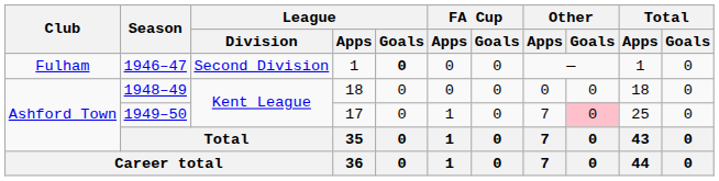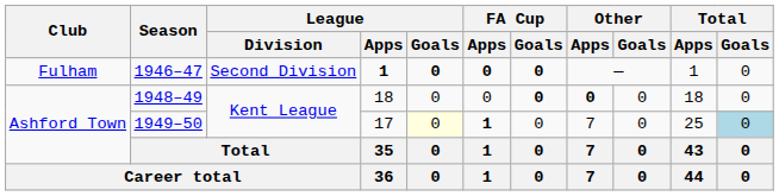 <table class="wikitable" style="text-align: center;">
 <tr>
 <th rowspan="2">Club</th>
 <th rowspan="2">Season</th>
 <th colspan="3">League</th>
 <th colspan="2">FA Cup</th>
 <th colspan="2">Other</th>
 <th colspan="2">Total</th>
 </tr>
 <tr>
 <th>Division</th>
 <th>Apps</th>
 <th>Goals</th>
 <th>Apps</th>
 <th>Goals</th>
 <th>Apps</th>
 <th>Goals</th>
 <th>Apps</th>
 <th>Goals</th>
 </tr>
 <tr>
 <td><a href='#'>Fulham</a></td>
 <td><a href='#'>1946–47</a></td>
 <td><a href='#'>Second Division</a></td>
-<td>1</td>
+<td><strong>1</strong></td>
 <td><strong>0</strong></td>
-<td>0</td>
-<td>0</td>
+<td><strong>0</strong></td>
+<td><strong>0</strong></td>
 <td colspan="2">―</td>
 <td>1</td>
 <td>0</td>
 </tr>
 <tr>
 <td rowspan="3"><a href='#'>Ashford Town</a></td>
 <td><a href='#'>1948–49</a></td>
 <td rowspan="2"><a href='#'>Kent League</a></td>
 <td>18</td>
 <td>0</td>
 <td>0</td>
-<td>0</td>
-<td>0</td>
+<td><strong>0</strong></td>
+<td><strong>0</strong></td>
 <td>0</td>
 <td>18</td>
 <td>0</td>
 </tr>
 <tr>
 <td><a href='#'>1949–50</a></td>
 <td>17</td>
-<td>0</td>
-<td>1</td>
+<td style="background: lightyellow;">0</td>
+<td><strong>1</strong></td>
 <td>0</td>
 <td>7</td>
-<td style="background: pink;">0</td>
+<td>0</td>
 <td>25</td>
-<td>0</td>
+<td style="background: lightblue;">0</td>
 </tr>
 <tr>
 <th colspan="2">Total</th>
 <th>35</th>
 <th>0</th>
 <th>1</th>
 <th>0</th>
 <th>7</th>
 <th>0</th>
 <th>43</th>
 <th>0</th>
 </tr>
 <tr>
 <th colspan="3">Career total</th>
 <th>36</th>
 <th>0</th>
 <th>1</th>
 <th>0</th>
 <th>7</th>
 <th>0</th>
 <th>44</th>
 <th>0</th>
 </tr>
 </table>
